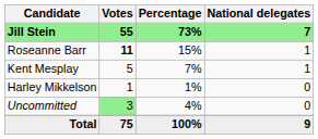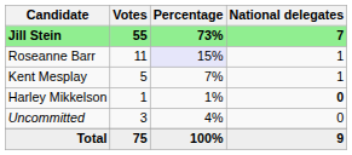 <table class="wikitable" style="text-align:right;">
 <tr>
 <th>Candidate</th>
 <th>Votes</th>
 <th>Percentage</th>
 <th>National delegates</th>
 </tr>
 <tr style="background:lightgreen;">
 <td style="text-align:left;"><strong>Jill Stein</strong></td>
 <td><strong>55</strong></td>
 <td><strong>73%</strong></td>
 <td><strong>7</strong></td>
 </tr>
 <tr>
 <td style="text-align:left;">Roseanne Barr</td>
-<td><strong>11</strong></td>
-<td>15%</td>
+<td>11</td>
+<td style="background: lavender;">15%</td>
 <td>1</td>
 </tr>
 <tr>
 <td style="text-align:left;">Kent Mesplay</td>
 <td>5</td>
 <td>7%</td>
 <td>1</td>
 </tr>
 <tr>
 <td style="text-align:left;">Harley Mikkelson</td>
 <td>1</td>
 <td>1%</td>
-<td>0</td>
+<td><strong>0</strong></td>
 </tr>
 <tr>
 <td style="text-align:left;"><em>Uncommitted</em></td>
-<td style="background: lightgreen;">3</td>
+<td>3</td>
 <td>4%</td>
 <td>0</td>
 </tr>
 <tr>
 </tr>
 <tr style="background:#eee;">
 <td style="margin-right:0.50px"><strong>Total</strong></td>
 <td style="margin-right:0.50px"><strong>75</strong></td>
 <td style="margin-right:0.50px"><strong>100%</strong></td>
 <td style="margin-right:0.50px"><strong>9</strong></td>
 </tr>
 </table>
